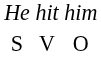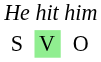 <table style="text-align: center;">
 <tr>
 <td><em>He</em></td>
 <td><em>hit</em></td>
 <td><em>him</em></td>
 </tr>
 <tr>
 <td>S</td>
-<td>V</td>
+<td style="background: lightgreen;">V</td>
 <td>O</td>
 </tr>
 </table>
